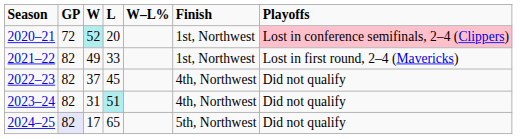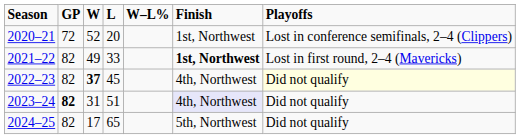 <table class="wikitable">
 <tr style="font-weight:bold; ">
 <td>Season</td>
 <td>GP</td>
 <td>W</td>
 <td>L</td>
 <td>W–L%</td>
 <td>Finish</td>
 <td>Playoffs</td>
 </tr>
 <tr>
 <td><a href='#'>2020–21</a></td>
 <td>72</td>
-<td style="background: paleturquoise;">52</td>
+<td>52</td>
 <td>20</td>
 <td></td>
 <td>1st, Northwest</td>
-<td style="background: pink;">Lost in conference semifinals, 2–4 (<a href='#'>Clippers</a>)</td>
+<td>Lost in conference semifinals, 2–4 (<a href='#'>Clippers</a>)</td>
 </tr>
 <tr>
 <td><a href='#'>2021–22</a></td>
 <td>82</td>
 <td>49</td>
 <td>33</td>
 <td></td>
-<td>1st, Northwest</td>
+<td><strong>1st, Northwest</strong></td>
 <td>Lost in first round, 2–4 (<a href='#'>Mavericks</a>)</td>
 </tr>
 <tr>
 <td><a href='#'>2022–23</a></td>
 <td>82</td>
-<td>37</td>
+<td><strong>37</strong></td>
 <td>45</td>
 <td></td>
 <td>4th, Northwest</td>
-<td>Did not qualify</td>
+<td style="background: lightyellow;">Did not qualify</td>
 </tr>
 <tr>
 <td><a href='#'>2023–24</a></td>
-<td>82</td>
+<td><strong>82</strong></td>
 <td>31</td>
-<td style="background: paleturquoise;">51</td>
+<td>51</td>
 <td></td>
-<td>4th, Northwest</td>
+<td style="background: lavender;">4th, Northwest</td>
 <td>Did not qualify</td>
 </tr>
 <tr>
 <td><a href='#'>2024–25</a></td>
-<td style="background: lavender;">82</td>
+<td>82</td>
 <td>17</td>
 <td>65</td>
 <td></td>
 <td>5th, Northwest</td>
 <td>Did not qualify</td>
 </tr>
 </table>
